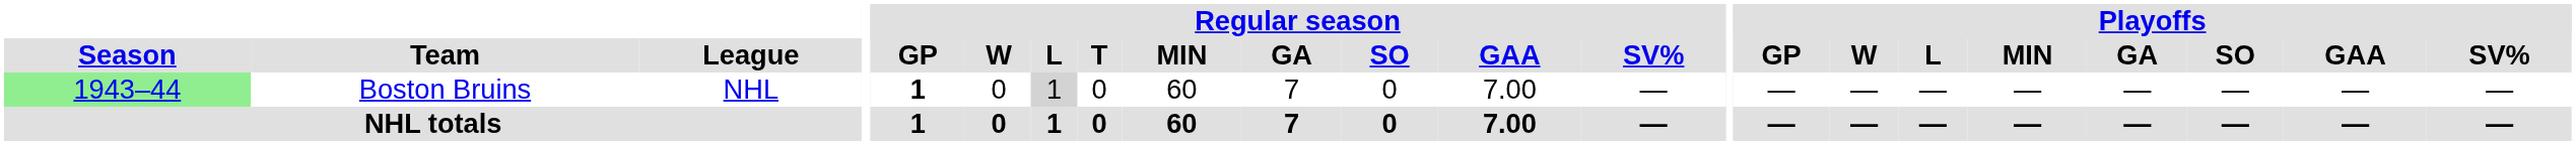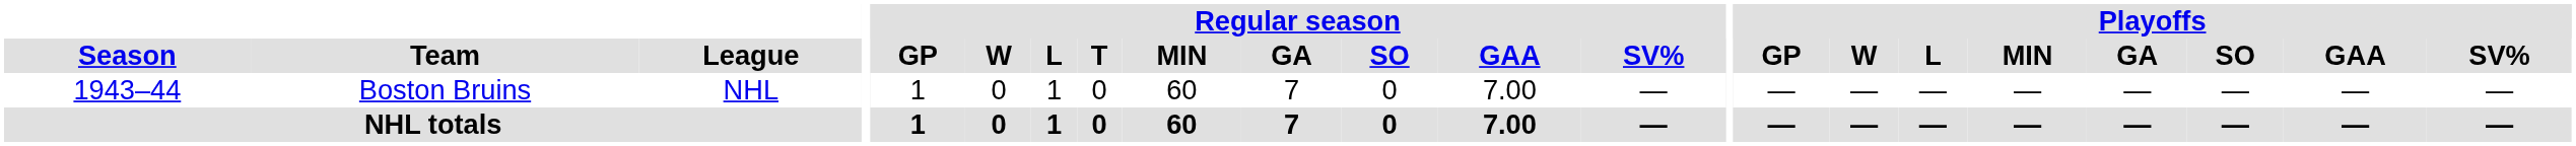 <table border="0" cellpadding="1" cellspacing="0" style="text-align:center; width:75%">
 <tr ALIGN="center" bgcolor="#e0e0e0">
 <th align="center" colspan="3" bgcolor="#ffffff"></th>
 <th align="center" rowspan="99" bgcolor="#ffffff"></th>
 <th align="center" colspan="9" bgcolor="#e0e0e0"><a href='#'>Regular season</a></th>
 <th align="center" rowspan="99" bgcolor="#ffffff"></th>
 <th align="center" colspan="8" bgcolor="#e0e0e0"><a href='#'>Playoffs</a></th>
 </tr>
 <tr ALIGN="center" bgcolor="#e0e0e0">
 <th><a href='#'>Season</a></th>
 <th>Team</th>
 <th>League</th>
 <th>GP</th>
 <th>W</th>
 <th>L</th>
 <th>T</th>
 <th>MIN</th>
 <th>GA</th>
 <th><a href='#'>SO</a></th>
 <th><a href='#'>GAA</a></th>
 <th><a href='#'>SV%</a></th>
 <th>GP</th>
 <th>W</th>
 <th>L</th>
 <th>MIN</th>
 <th>GA</th>
 <th>SO</th>
 <th>GAA</th>
 <th>SV%</th>
 </tr>
 <tr ALIGN="center">
-<td style="background: lightgreen;"><a href='#'>1943–44</a></td>
+<td><a href='#'>1943–44</a></td>
 <td><a href='#'>Boston Bruins</a></td>
 <td><a href='#'>NHL</a></td>
-<td><strong>1</strong></td>
+<td>1</td>
 <td>0</td>
-<td style="background: lightgrey;">1</td>
+<td>1</td>
 <td>0</td>
 <td>60</td>
 <td>7</td>
 <td>0</td>
 <td>7.00</td>
 <td>—</td>
 <td>—</td>
 <td>—</td>
 <td>—</td>
 <td>—</td>
 <td>—</td>
 <td>—</td>
 <td>—</td>
 <td>—</td>
 </tr>
 <tr ALIGN="center" bgcolor="#e0e0e0">
 <th colspan="3" align="center">NHL totals</th>
 <th>1</th>
 <th>0</th>
 <th>1</th>
 <th>0</th>
 <th>60</th>
 <th>7</th>
 <th>0</th>
 <th>7.00</th>
 <th>—</th>
 <th>—</th>
 <th>—</th>
 <th>—</th>
 <th>—</th>
 <th>—</th>
 <th>—</th>
 <th>—</th>
 <th>—</th>
 </tr>
 </table>
